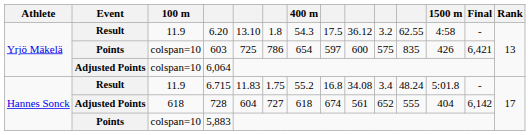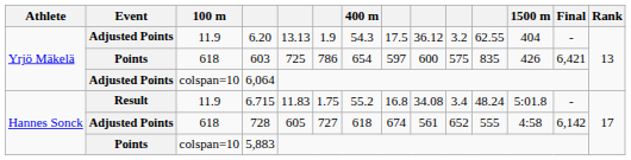 <table class="wikitable" style="font-size:90%;">
 <tr>
 <th>Athlete</th>
 <th>Event</th>
 <th>100 m</th>
 <th></th>
 <th></th>
 <th></th>
 <th>400 m</th>
 <th></th>
 <th></th>
 <th></th>
 <th></th>
 <th>1500 m</th>
 <th>Final</th>
 <th>Rank</th>
 </tr>
 <tr align=center>
 <td style="text-align:left;" rowspan="3"><a href='#'>Yrjö Mäkelä</a></td>
-<th style="font-size:95%">Result</th>
+<th style="font-size:95%">Adjusted Points</th>
 <td>11.9</td>
 <td>6.20</td>
-<td>13.10</td>
-<td>1.8</td>
+<td>13.13</td>
+<td>1.9</td>
 <td>54.3</td>
 <td>17.5</td>
 <td>36.12</td>
 <td>3.2</td>
 <td>62.55</td>
-<td>4:58</td>
+<td>404</td>
 <td>-</td>
 <td rowspan=3>13</td>
 </tr>
 <tr align=center>
 <th style="font-size:95%">Points</th>
-<td>colspan=10 </td>
+<td>618</td>
 <td>603</td>
 <td>725</td>
 <td>786</td>
 <td>654</td>
 <td>597</td>
 <td>600</td>
 <td>575</td>
 <td>835</td>
 <td>426</td>
 <td>6,421</td>
 </tr>
 <tr align=center>
 <th style="font-size:95%">Adjusted Points</th>
 <td>colspan=10 </td>
 <td>6,064</td>
 </tr>
 <tr align=center>
 <td style="text-align:left;" rowspan="3"><a href='#'>Hannes Sonck</a></td>
 <th style="font-size:95%">Result</th>
 <td>11.9</td>
 <td>6.715</td>
 <td>11.83</td>
 <td>1.75</td>
 <td>55.2</td>
 <td>16.8</td>
 <td>34.08</td>
 <td>3.4</td>
 <td>48.24</td>
 <td>5:01.8</td>
 <td>-</td>
 <td rowspan=3>17</td>
 </tr>
 <tr align=center>
 <th style="font-size:95%">Adjusted Points</th>
 <td>618</td>
 <td>728</td>
-<td>604</td>
+<td>605</td>
 <td>727</td>
 <td>618</td>
 <td>674</td>
 <td>561</td>
 <td>652</td>
 <td>555</td>
-<td>404</td>
+<td>4:58</td>
 <td>6,142</td>
 </tr>
 <tr align=center>
 <th style="font-size:95%">Points</th>
 <td>colspan=10 </td>
 <td>5,883</td>
 </tr>
 </table>
